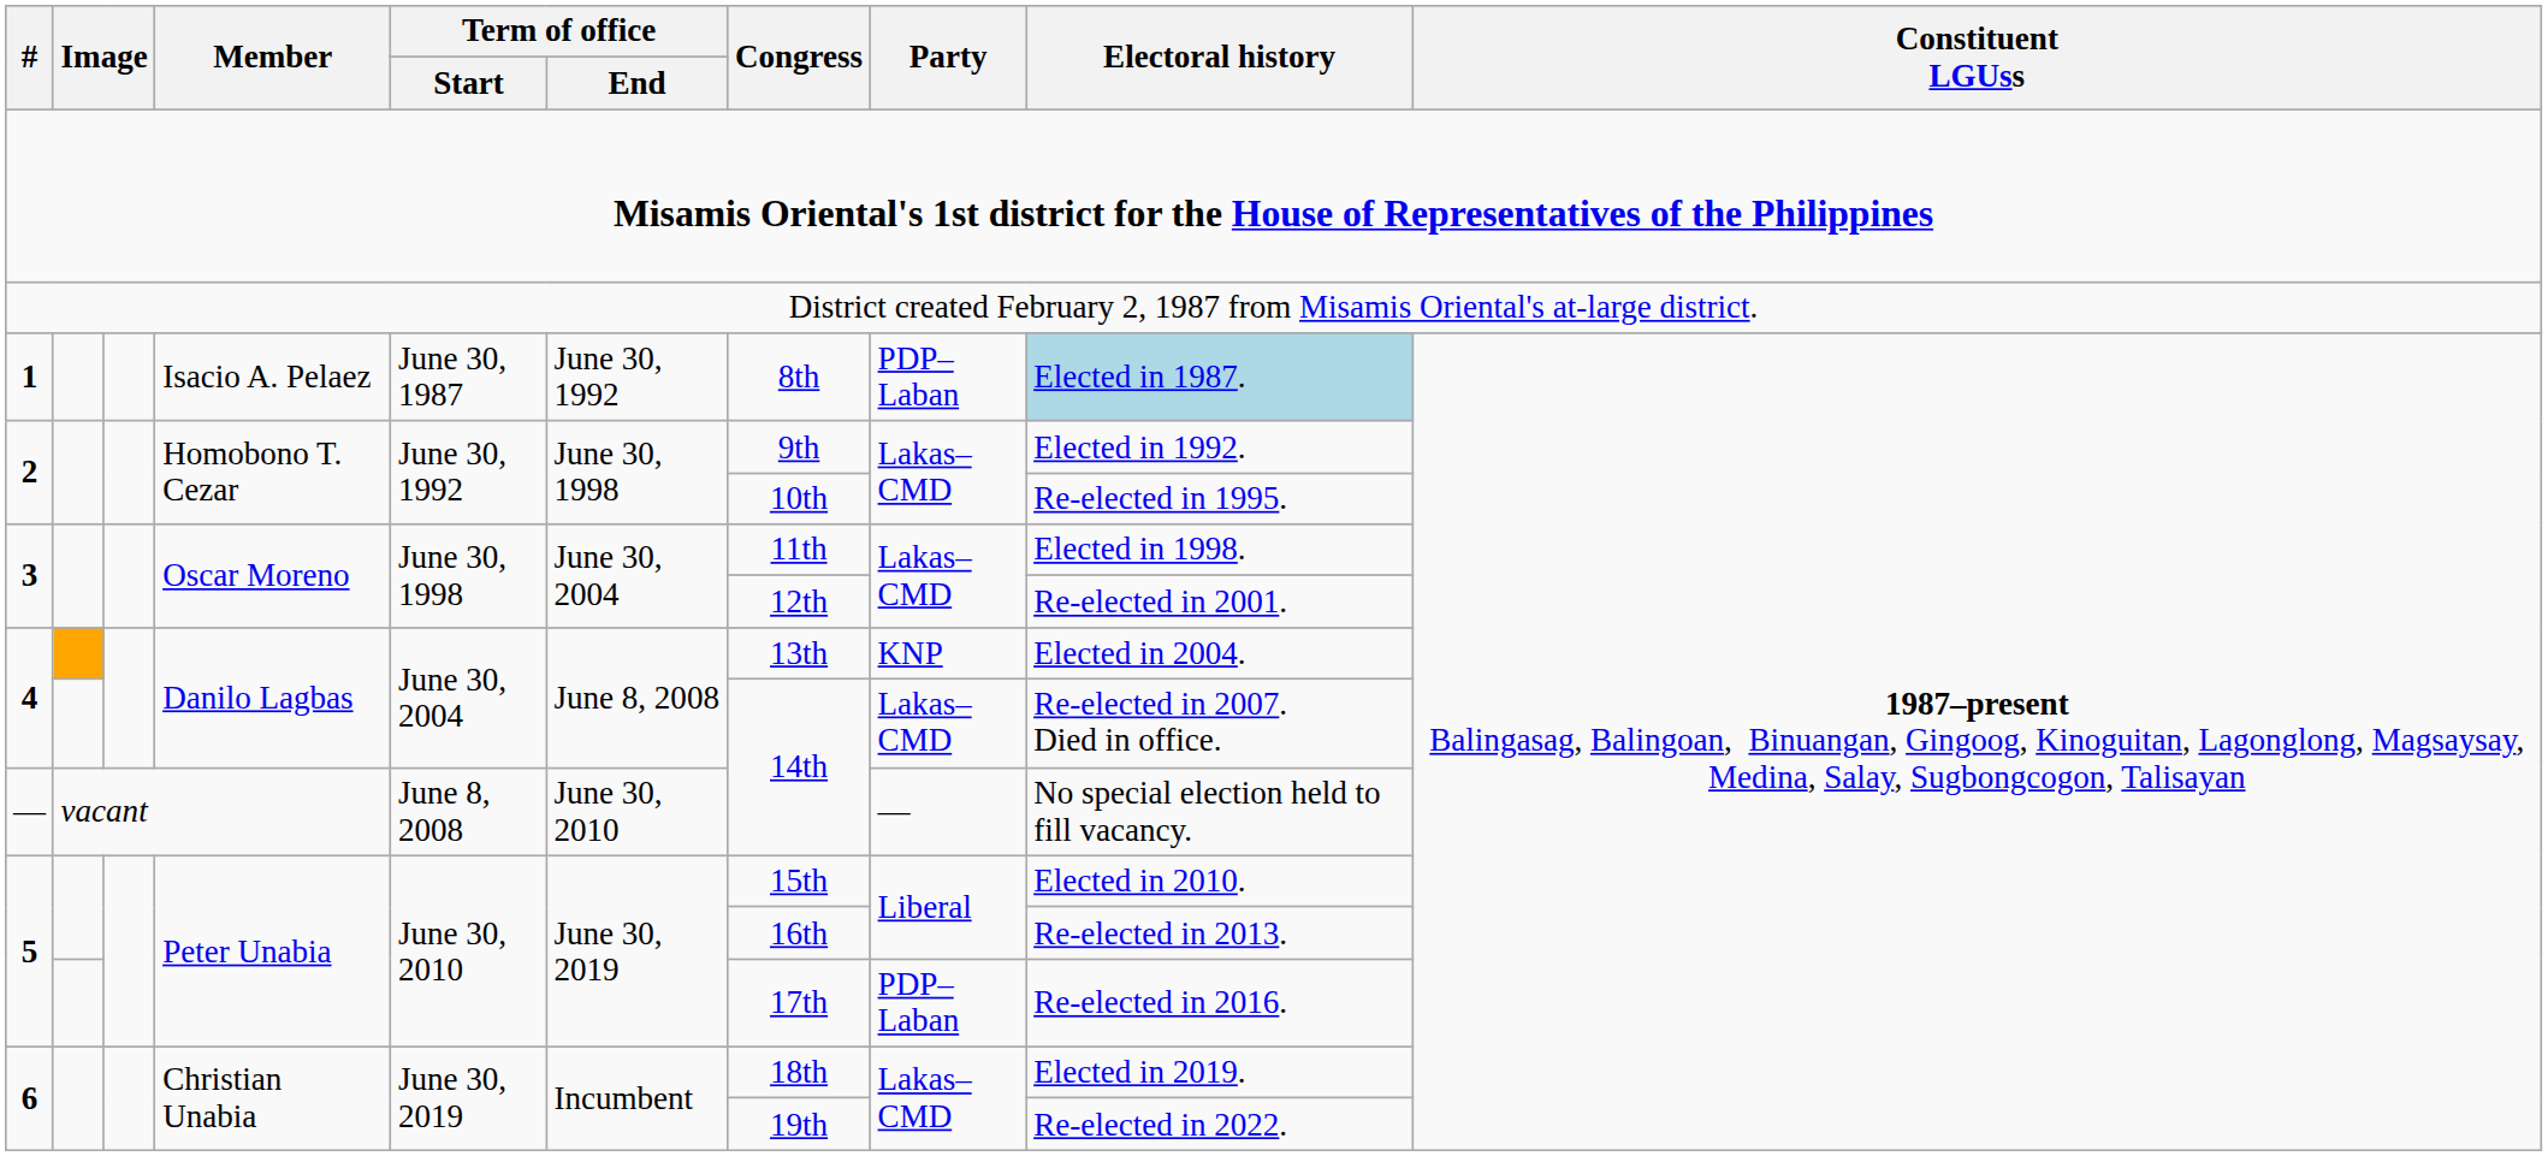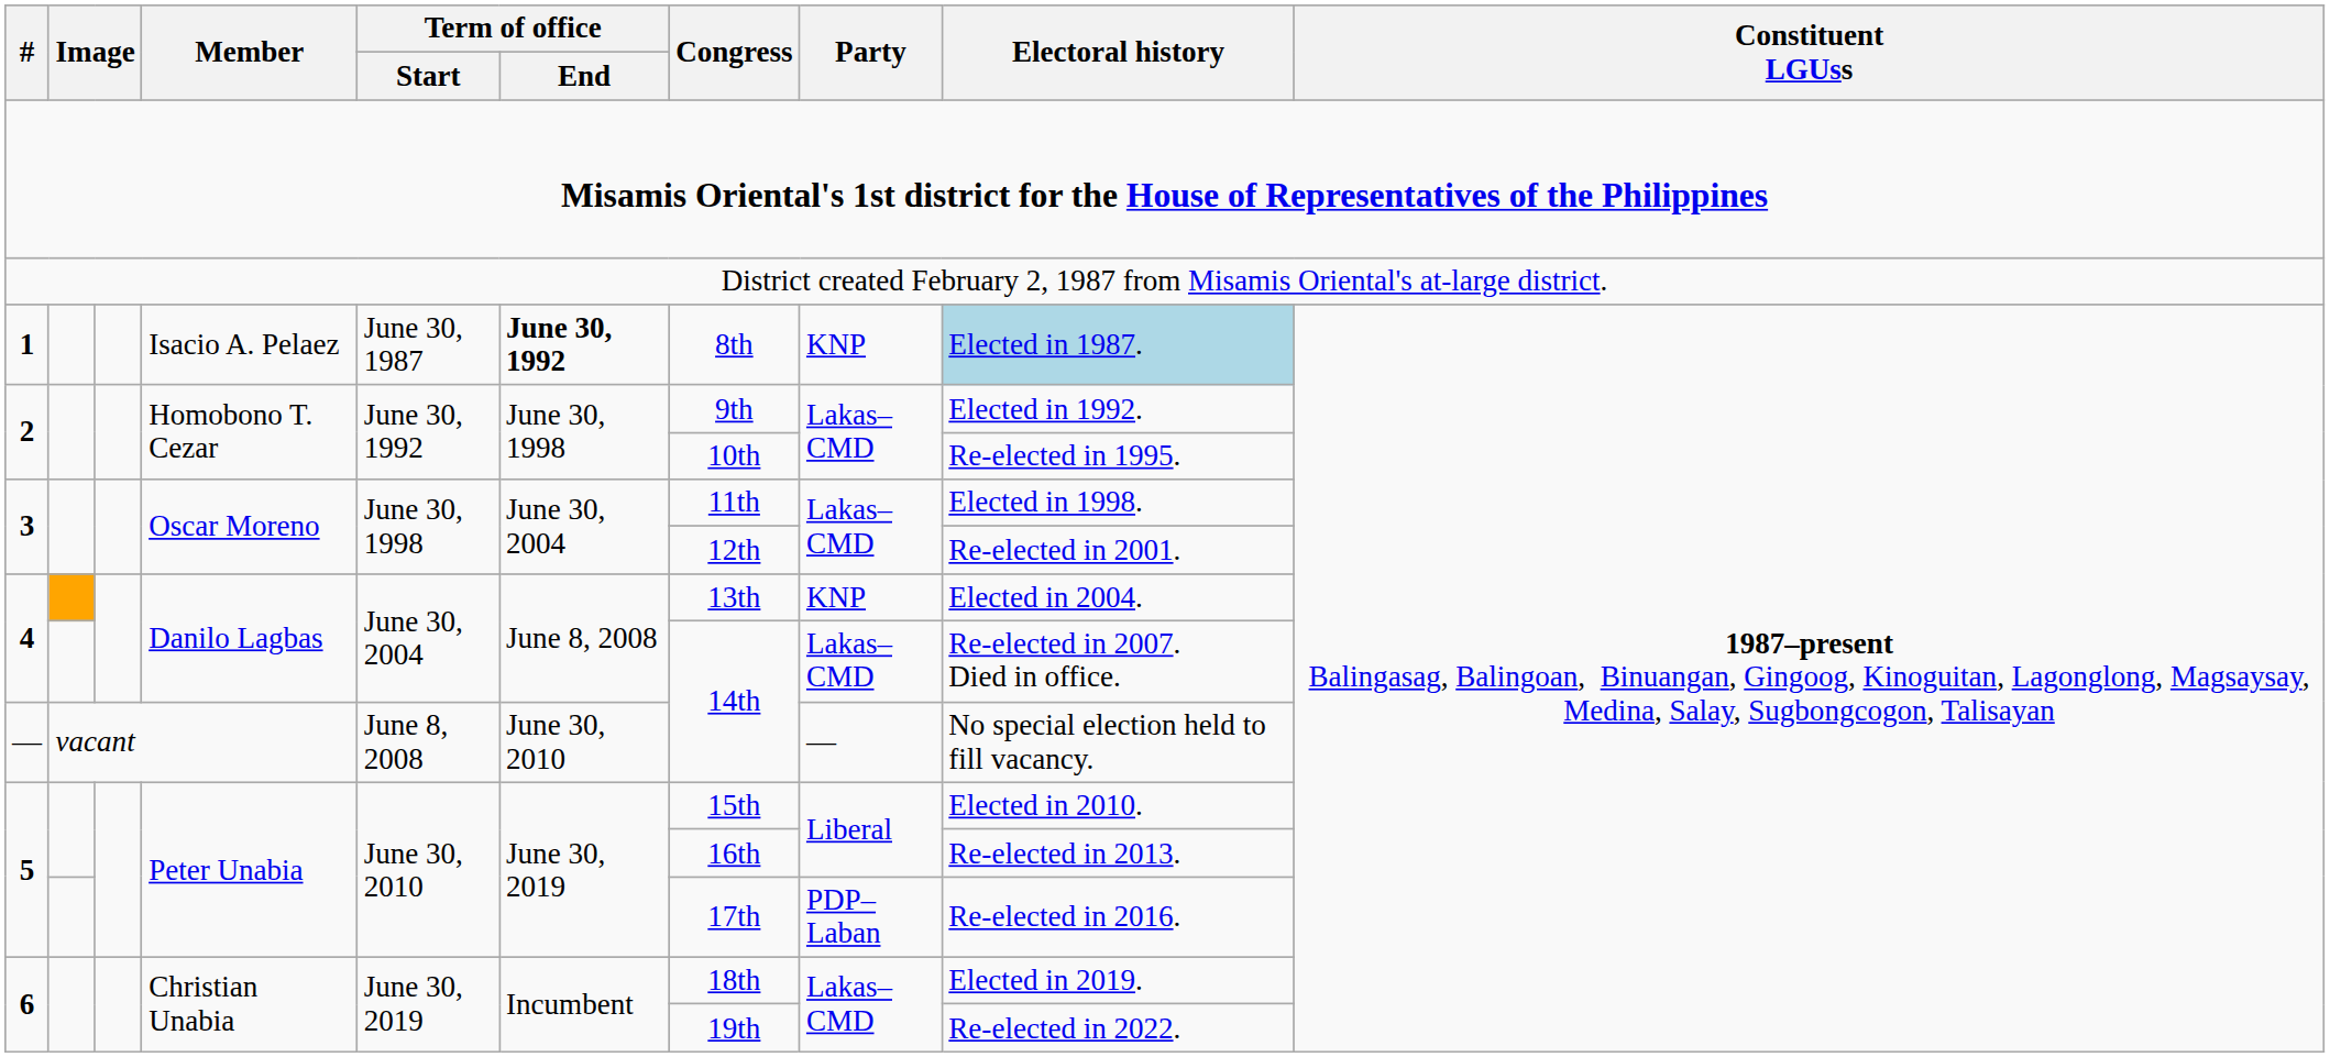 <table class=wikitable>
 <tr>
 <th rowspan="2">#</th>
 <th rowspan="2" colspan=2>Image</th>
 <th rowspan="2">Member</th>
 <th colspan=2>Term of office</th>
 <th rowspan="2">Congress</th>
 <th rowspan="2">Party</th>
 <th rowspan="2">Electoral history</th>
 <th rowspan="2">Constituent<br><a href='#'>LGUs</a>s</th>
 </tr>
 <tr>
 <th>Start</th>
 <th>End</th>
 </tr>
 <tr>
 <td colspan="10" style="text-align:center;"><br><h3>Misamis Oriental's 1st district for the <a href='#'>House of Representatives of the Philippines</a></h3></td>
 </tr>
 <tr>
 <td colspan="10" style="text-align:center;">District created February 2, 1987 from <a href='#'>Misamis Oriental's at-large district</a>.</td>
 </tr>
 <tr>
 <td style="text-align:center;"><strong>1</strong></td>
 <td style="color:inherit;background:"></td>
 <td></td>
 <td>Isacio A. Pelaez</td>
 <td>June 30, 1987</td>
-<td>June 30, 1992</td>
+<td><strong>June 30, 1992</strong></td>
 <td style="text-align:center;"><a href='#'>8th</a></td>
-<td><a href='#'>PDP–Laban</a></td>
+<td><a href='#'>KNP</a></td>
 <td style="background: lightblue;"><a href='#'>Elected in 1987</a>.</td>
 <td rowspan="13" style="text-align:center;"><strong>1987–present</strong><br><a href='#'>Balingasag</a>, <a href='#'>Balingoan</a>,  <a href='#'>Binuangan</a>, <a href='#'>Gingoog</a>, <a href='#'>Kinoguitan</a>, <a href='#'>Lagonglong</a>, <a href='#'>Magsaysay</a>, <a href='#'>Medina</a>, <a href='#'>Salay</a>, <a href='#'>Sugbongcogon</a>, <a href='#'>Talisayan</a></td>
 </tr>
 <tr>
 <td rowspan="2" style="text-align:center;"><strong>2</strong></td>
 <td rowspan="2" style="color:inherit;background:"></td>
 <td rowspan="2"></td>
 <td rowspan="2">Homobono T. Cezar</td>
 <td rowspan="2">June 30, 1992</td>
 <td rowspan="2">June 30, 1998</td>
 <td style="text-align:center;"><a href='#'>9th</a></td>
 <td rowspan="2"><a href='#'>Lakas–CMD</a></td>
 <td><a href='#'>Elected in 1992</a>.</td>
 </tr>
 <tr>
 <td style="text-align:center;"><a href='#'>10th</a></td>
 <td><a href='#'>Re-elected in 1995</a>.</td>
 </tr>
 <tr>
 <td rowspan="2" style="text-align:center;"><strong>3</strong></td>
 <td rowspan="2" style="color:inherit;background:"></td>
 <td rowspan="2"></td>
 <td rowspan="2"><a href='#'>Oscar Moreno</a></td>
 <td rowspan="2">June 30, 1998</td>
 <td rowspan="2">June 30, 2004</td>
 <td style="text-align:center;"><a href='#'>11th</a></td>
 <td rowspan="2"><a href='#'>Lakas–CMD</a></td>
 <td><a href='#'>Elected in 1998</a>.</td>
 </tr>
 <tr>
 <td style="text-align:center;"><a href='#'>12th</a></td>
 <td><a href='#'>Re-elected in 2001</a>.</td>
 </tr>
 <tr>
 <td rowspan="2" style="text-align:center;"><strong>4</strong></td>
 <td style="background-color:#ffa500"></td>
 <td rowspan="2"></td>
 <td rowspan="2"><a href='#'>Danilo Lagbas</a></td>
 <td rowspan="2">June 30, 2004</td>
 <td rowspan="2">June 8, 2008</td>
 <td style="text-align:center;"><a href='#'>13th</a></td>
 <td><a href='#'>KNP</a></td>
 <td><a href='#'>Elected in 2004</a>.</td>
 </tr>
 <tr>
 <td style="color:inherit;background:"></td>
 <td rowspan="2" style="text-align:center;"><a href='#'>14th</a></td>
 <td><a href='#'>Lakas–CMD</a></td>
 <td><a href='#'>Re-elected in 2007</a>.<br>Died in office.</td>
 </tr>
 <tr>
 <td style="text-align:center;">—</td>
 <td colspan="3"><em>vacant</em></td>
 <td>June 8, 2008</td>
 <td>June 30, 2010</td>
 <td>—</td>
 <td>No special election held to fill vacancy.</td>
 </tr>
 <tr>
 <td rowspan="3" style="text-align:center;"><strong>5</strong></td>
 <td rowspan="2" style="color:inherit;background:"></td>
 <td rowspan="3"></td>
 <td rowspan="3"><a href='#'>Peter Unabia</a></td>
 <td rowspan="3">June 30, 2010</td>
 <td rowspan="3">June 30, 2019</td>
 <td style="text-align:center;"><a href='#'>15th</a></td>
 <td rowspan="2"><a href='#'>Liberal</a></td>
 <td><a href='#'>Elected in 2010</a>.</td>
 </tr>
 <tr>
 <td style="text-align:center;"><a href='#'>16th</a></td>
 <td><a href='#'>Re-elected in 2013</a>.</td>
 </tr>
 <tr>
 <td style="color:inherit;background:"></td>
 <td style="text-align:center;"><a href='#'>17th</a></td>
 <td><a href='#'>PDP–Laban</a></td>
 <td><a href='#'>Re-elected in 2016</a>.</td>
 </tr>
 <tr>
 <td rowspan="2" style="text-align:center;"><strong>6</strong></td>
 <td rowspan="2" style="color:inherit;background:"></td>
 <td rowspan="2"></td>
 <td rowspan="2">Christian Unabia</td>
 <td rowspan="2">June 30, 2019</td>
 <td rowspan="2">Incumbent</td>
 <td style="text-align:center;"><a href='#'>18th</a></td>
 <td rowspan="2"><a href='#'>Lakas–CMD</a></td>
 <td><a href='#'>Elected in 2019</a>.</td>
 </tr>
 <tr>
 <td style="text-align:center;"><a href='#'>19th</a></td>
 <td><a href='#'>Re-elected in 2022</a>.</td>
 </tr>
 </table>
